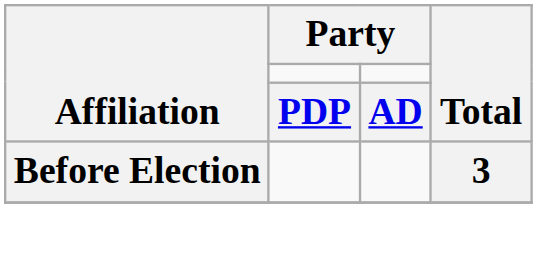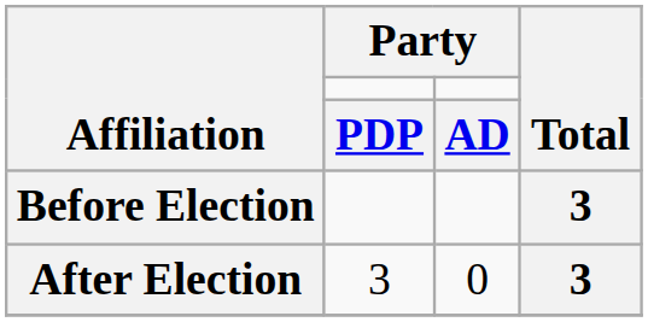 <table class=wikitable style="text-align:center">
 <tr style="vertical-align:bottom;">
 <th rowspan=3>Affiliation</th>
 <th colspan=2>Party</th>
 <th rowspan=3>Total</th>
 </tr>
 <tr>
 <td style="background-color:"></td>
 <td style="background-color:"></td>
 </tr>
 <tr>
 <th><a href='#'>PDP</a></th>
 <th><a href='#'>AD</a></th>
 </tr>
 <tr>
 <th>Before Election</th>
 <td></td>
 <td></td>
 <th>3</th>
 </tr>
 <tr>
+<th>After Election</th>
+<td>3</td>
+<td>0</td>
+<th>3</th>
+</tr>
+<tr>
 </tr>
 </table>
